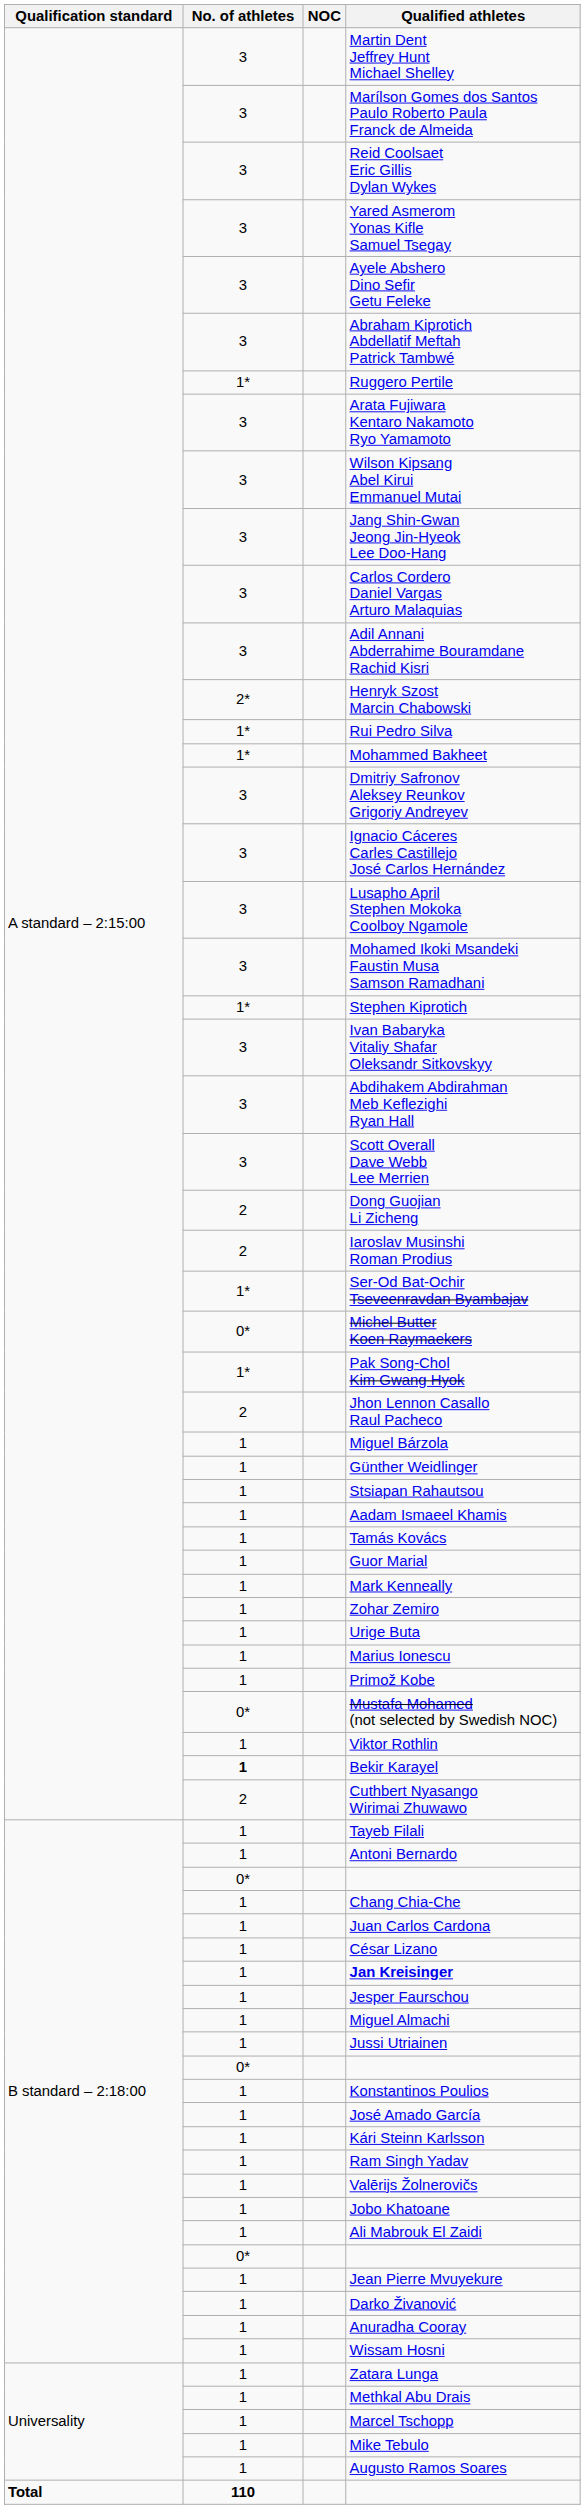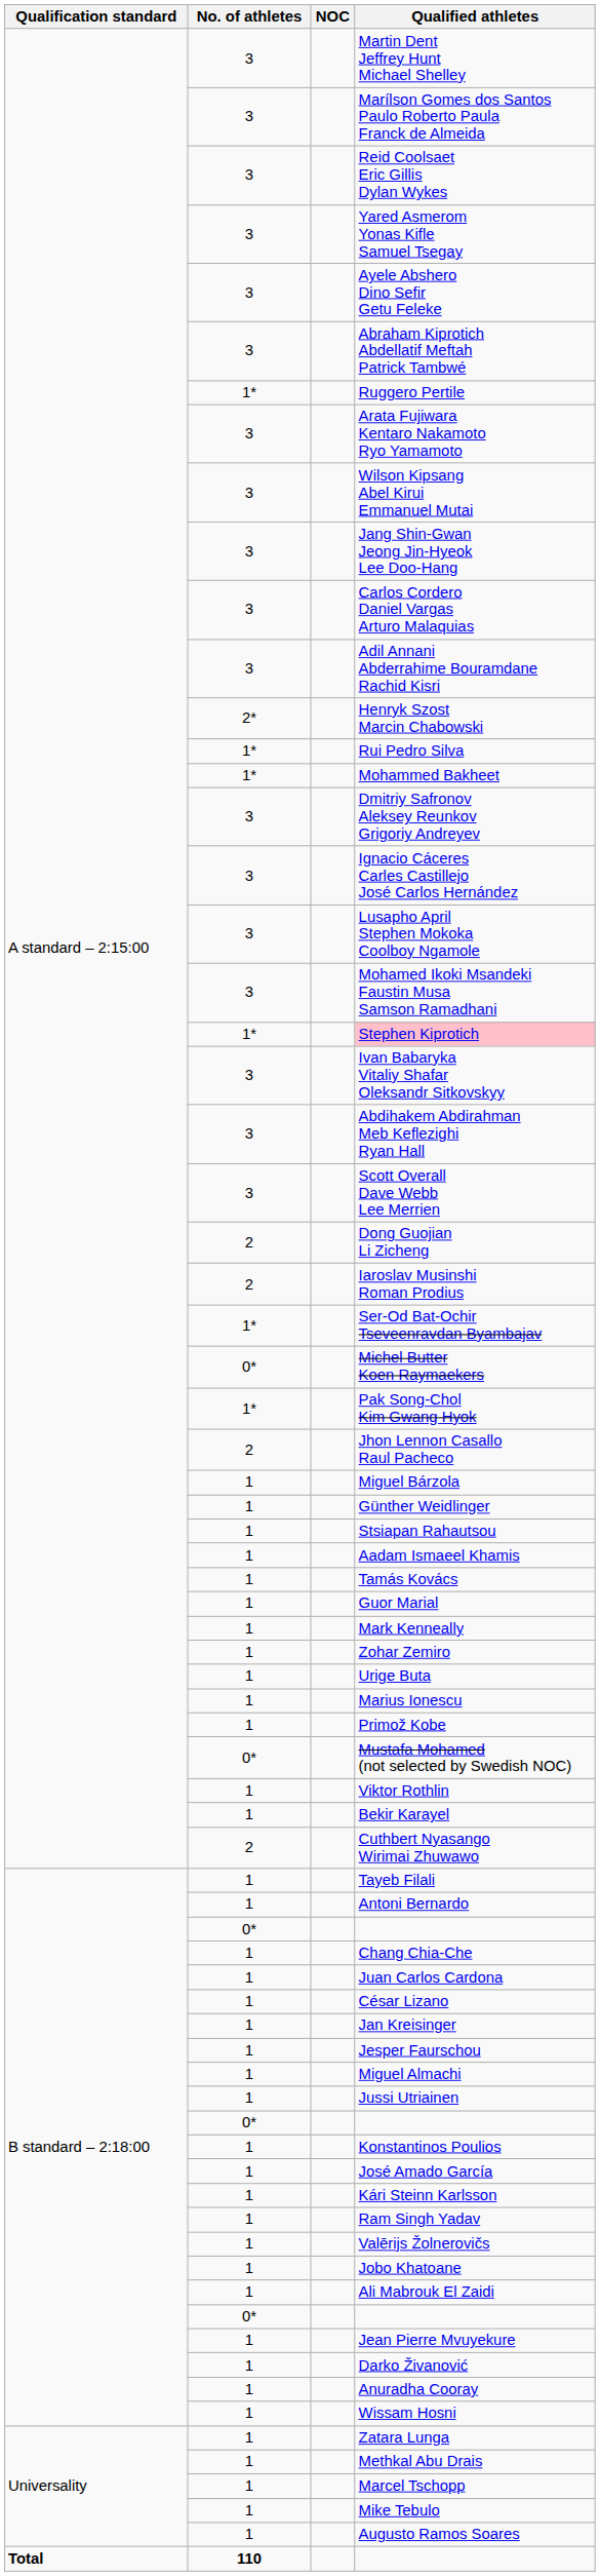 <table class="wikitable"  style="text-align:left; width:620px;">
 <tr>
 <th>Qualification standard</th>
 <th>No. of athletes</th>
 <th>NOC</th>
 <th>Qualified athletes</th>
 </tr>
 <tr>
 <td rowspan="44">A standard – 2:15:00</td>
 <td align=center>3</td>
 <td></td>
 <td><a href='#'>Martin Dent</a><br><a href='#'>Jeffrey Hunt</a><br><a href='#'>Michael Shelley</a></td>
 </tr>
 <tr>
 <td align=center>3</td>
 <td></td>
 <td><a href='#'>Marílson Gomes dos Santos</a><br><a href='#'>Paulo Roberto Paula</a><br><a href='#'>Franck de Almeida</a></td>
 </tr>
 <tr>
 <td align=center>3</td>
 <td></td>
 <td><a href='#'>Reid Coolsaet</a><br><a href='#'>Eric Gillis</a><br><a href='#'>Dylan Wykes</a></td>
 </tr>
 <tr>
 <td align=center>3</td>
 <td></td>
 <td><a href='#'>Yared Asmerom</a><br><a href='#'>Yonas Kifle</a><br><a href='#'>Samuel Tsegay</a></td>
 </tr>
 <tr>
 <td align=center>3</td>
 <td></td>
 <td><a href='#'>Ayele Abshero</a><br><a href='#'>Dino Sefir</a><br><a href='#'>Getu Feleke</a></td>
 </tr>
 <tr>
 <td align=center>3</td>
 <td></td>
 <td><a href='#'>Abraham Kiprotich</a><br><a href='#'>Abdellatif Meftah</a><br><a href='#'>Patrick Tambwé</a></td>
 </tr>
 <tr>
 <td align=center>1*</td>
 <td></td>
 <td><a href='#'>Ruggero Pertile</a></td>
 </tr>
 <tr>
 <td align=center>3</td>
 <td></td>
 <td><a href='#'>Arata Fujiwara</a><br><a href='#'>Kentaro Nakamoto</a><br><a href='#'>Ryo Yamamoto</a></td>
 </tr>
 <tr>
 <td align=center>3</td>
 <td></td>
 <td><a href='#'>Wilson Kipsang</a> <br> <a href='#'>Abel Kirui</a> <br> <a href='#'>Emmanuel Mutai</a></td>
 </tr>
 <tr>
 <td align=center>3</td>
 <td></td>
 <td><a href='#'>Jang Shin-Gwan</a> <br> <a href='#'>Jeong Jin-Hyeok</a> <br> <a href='#'>Lee Doo-Hang</a></td>
 </tr>
 <tr>
 <td align=center>3</td>
 <td></td>
 <td><a href='#'>Carlos Cordero</a><br><a href='#'>Daniel Vargas</a><br><a href='#'>Arturo Malaquias</a></td>
 </tr>
 <tr>
 <td align=center>3</td>
 <td></td>
 <td><a href='#'>Adil Annani</a><br><a href='#'>Abderrahime Bouramdane</a><br><a href='#'>Rachid Kisri</a></td>
 </tr>
 <tr>
 <td align=center>2*</td>
 <td></td>
 <td><a href='#'>Henryk Szost</a><br><a href='#'>Marcin Chabowski</a></td>
 </tr>
 <tr>
 <td align=center>1*</td>
 <td></td>
 <td><a href='#'>Rui Pedro Silva</a></td>
 </tr>
 <tr>
 <td align=center>1*</td>
 <td></td>
 <td><a href='#'>Mohammed Bakheet</a></td>
 </tr>
 <tr>
 <td align=center>3</td>
 <td></td>
 <td><a href='#'>Dmitriy Safronov</a> <br> <a href='#'>Aleksey Reunkov</a> <br> <a href='#'>Grigoriy Andreyev</a></td>
 </tr>
 <tr>
 <td align=center>3</td>
 <td></td>
 <td><a href='#'>Ignacio Cáceres</a> <br> <a href='#'>Carles Castillejo</a> <br> <a href='#'>José Carlos Hernández</a></td>
 </tr>
 <tr>
 <td align=center>3</td>
 <td></td>
 <td><a href='#'>Lusapho April</a> <br> <a href='#'>Stephen Mokoka</a> <br> <a href='#'>Coolboy Ngamole</a></td>
 </tr>
 <tr>
 <td align=center>3</td>
 <td></td>
 <td><a href='#'>Mohamed Ikoki Msandeki</a> <br> <a href='#'>Faustin Musa</a> <br> <a href='#'>Samson Ramadhani</a></td>
 </tr>
 <tr>
 <td align=center>1*</td>
 <td></td>
-<td><a href='#'>Stephen Kiprotich</a></td>
+<td style="background: pink;"><a href='#'>Stephen Kiprotich</a></td>
 </tr>
 <tr>
 <td align=center>3</td>
 <td></td>
 <td><a href='#'>Ivan Babaryka</a> <br> <a href='#'>Vitaliy Shafar</a> <br> <a href='#'>Oleksandr Sitkovskyy</a></td>
 </tr>
 <tr>
 <td align=center>3</td>
 <td></td>
 <td><a href='#'>Abdihakem Abdirahman</a> <br> <a href='#'>Meb Keflezighi</a> <br> <a href='#'>Ryan Hall</a></td>
 </tr>
 <tr>
 <td align=center>3</td>
 <td></td>
 <td><a href='#'>Scott Overall</a><br><a href='#'>Dave Webb</a><br><a href='#'>Lee Merrien</a></td>
 </tr>
 <tr>
 <td align=center>2</td>
 <td></td>
 <td><a href='#'>Dong Guojian</a><br><a href='#'>Li Zicheng</a></td>
 </tr>
 <tr>
 <td align=center>2</td>
 <td></td>
 <td><a href='#'>Iaroslav Musinshi</a><br><a href='#'>Roman Prodius</a></td>
 </tr>
 <tr>
 <td align=center>1*</td>
 <td></td>
 <td><a href='#'>Ser-Od Bat-Ochir</a><br><s><a href='#'>Tseveenravdan Byambajav</a></s></td>
 </tr>
 <tr>
 <td align=center>0*</td>
 <td></td>
 <td><s><a href='#'>Michel Butter</a><br><a href='#'>Koen Raymaekers</a></s></td>
 </tr>
 <tr>
 <td align=center>1*</td>
 <td></td>
 <td><a href='#'>Pak Song-Chol</a><br><s><a href='#'>Kim Gwang Hyok</a></s></td>
 </tr>
 <tr>
 <td align=center>2</td>
 <td></td>
 <td><a href='#'>Jhon Lennon Casallo</a><br><a href='#'>Raul Pacheco</a></td>
 </tr>
 <tr>
 <td align=center>1</td>
 <td></td>
 <td><a href='#'>Miguel Bárzola</a></td>
 </tr>
 <tr>
 <td align=center>1</td>
 <td></td>
 <td><a href='#'>Günther Weidlinger</a></td>
 </tr>
 <tr>
 <td align=center>1</td>
 <td></td>
 <td><a href='#'>Stsiapan Rahautsou</a></td>
 </tr>
 <tr>
 <td align=center>1</td>
 <td></td>
 <td><a href='#'>Aadam Ismaeel Khamis</a></td>
 </tr>
 <tr>
 <td align=center>1</td>
 <td></td>
 <td><a href='#'>Tamás Kovács</a></td>
 </tr>
 <tr>
 <td align=center>1</td>
 <td></td>
 <td><a href='#'>Guor Marial</a></td>
 </tr>
 <tr>
 <td align=center>1</td>
 <td></td>
 <td><a href='#'>Mark Kenneally</a></td>
 </tr>
 <tr>
 <td align=center>1</td>
 <td></td>
 <td><a href='#'>Zohar Zemiro</a></td>
 </tr>
 <tr>
 <td align=center>1</td>
 <td></td>
 <td><a href='#'>Urige Buta</a></td>
 </tr>
 <tr>
 <td align=center>1</td>
 <td></td>
 <td><a href='#'>Marius Ionescu</a></td>
 </tr>
 <tr>
 <td align=center>1</td>
 <td></td>
 <td><a href='#'>Primož Kobe</a></td>
 </tr>
 <tr>
 <td align=center>0*</td>
 <td></td>
 <td><s><a href='#'>Mustafa Mohamed</a></s><br>(not selected by Swedish NOC)</td>
 </tr>
 <tr>
 <td align=center>1</td>
 <td></td>
 <td><a href='#'>Viktor Rothlin</a></td>
 </tr>
 <tr>
-<td align=center><strong>1</strong></td>
+<td align=center>1</td>
 <td></td>
 <td><a href='#'>Bekir Karayel</a></td>
 </tr>
 <tr>
 <td align=center>2</td>
 <td></td>
 <td><a href='#'>Cuthbert Nyasango</a><br><a href='#'>Wirimai Zhuwawo</a></td>
 </tr>
 <tr>
 <td rowspan="23">B standard – 2:18:00</td>
 <td align=center>1</td>
 <td></td>
 <td><a href='#'>Tayeb Filali</a></td>
 </tr>
 <tr>
 <td align=center>1</td>
 <td></td>
 <td><a href='#'>Antoni Bernardo</a></td>
 </tr>
 <tr>
 <td align=center>0*</td>
 <td></td>
 <td></td>
 </tr>
 <tr>
 <td align=center>1</td>
 <td></td>
 <td><a href='#'>Chang Chia-Che</a></td>
 </tr>
 <tr>
 <td align=center>1</td>
 <td></td>
 <td><a href='#'>Juan Carlos Cardona</a></td>
 </tr>
 <tr>
 <td align=center>1</td>
 <td></td>
 <td><a href='#'>César Lizano</a></td>
 </tr>
 <tr>
 <td align=center>1</td>
 <td></td>
-<td><strong><a href='#'>Jan Kreisinger</a></strong></td>
+<td><a href='#'>Jan Kreisinger</a></td>
 </tr>
 <tr>
 <td align=center>1</td>
 <td></td>
 <td><a href='#'>Jesper Faurschou</a></td>
 </tr>
 <tr>
 <td align=center>1</td>
 <td></td>
 <td><a href='#'>Miguel Almachi</a></td>
 </tr>
 <tr>
 <td align=center>1</td>
 <td></td>
 <td><a href='#'>Jussi Utriainen</a></td>
 </tr>
 <tr>
 <td align=center>0*</td>
 <td></td>
 <td></td>
 </tr>
 <tr>
 <td align=center>1</td>
 <td></td>
 <td><a href='#'>Konstantinos Poulios</a></td>
 </tr>
 <tr>
 <td align=center>1</td>
 <td></td>
 <td><a href='#'>José Amado García</a></td>
 </tr>
 <tr>
 <td align=center>1</td>
 <td></td>
 <td><a href='#'>Kári Steinn Karlsson</a></td>
 </tr>
 <tr>
 <td align=center>1</td>
 <td></td>
 <td><a href='#'>Ram Singh Yadav</a></td>
 </tr>
 <tr>
 <td align=center>1</td>
 <td></td>
 <td><a href='#'>Valērijs Žolnerovičs</a></td>
 </tr>
 <tr>
 <td align=center>1</td>
 <td></td>
 <td><a href='#'>Jobo Khatoane</a></td>
 </tr>
 <tr>
 <td align=center>1</td>
 <td></td>
 <td><a href='#'>Ali Mabrouk El Zaidi</a></td>
 </tr>
 <tr>
 <td align=center>0*</td>
 <td></td>
 <td></td>
 </tr>
 <tr>
 <td align=center>1</td>
 <td></td>
 <td><a href='#'>Jean Pierre Mvuyekure</a></td>
 </tr>
 <tr>
 <td align=center>1</td>
 <td></td>
 <td><a href='#'>Darko Živanović</a></td>
 </tr>
 <tr>
 <td align=center>1</td>
 <td></td>
 <td><a href='#'>Anuradha Cooray</a></td>
 </tr>
 <tr>
 <td align=center>1</td>
 <td></td>
 <td><a href='#'>Wissam Hosni</a></td>
 </tr>
 <tr>
 <td rowspan="5">Universality</td>
 <td align=center>1</td>
 <td></td>
 <td><a href='#'>Zatara Lunga</a></td>
 </tr>
 <tr>
 <td align=center>1</td>
 <td></td>
 <td><a href='#'>Methkal Abu Drais</a></td>
 </tr>
 <tr>
 <td align=center>1</td>
 <td></td>
 <td><a href='#'>Marcel Tschopp</a></td>
 </tr>
 <tr>
 <td align=center>1</td>
 <td></td>
 <td><a href='#'>Mike Tebulo</a></td>
 </tr>
 <tr>
 <td align=center>1</td>
 <td></td>
 <td><a href='#'>Augusto Ramos Soares</a></td>
 </tr>
 <tr>
 <td><strong>Total</strong></td>
 <td align=center><strong>110</strong></td>
 <td></td>
 <td></td>
 </tr>
 </table>
